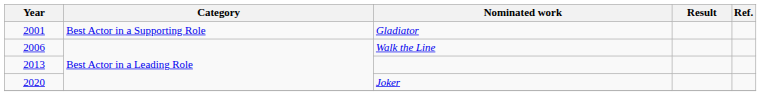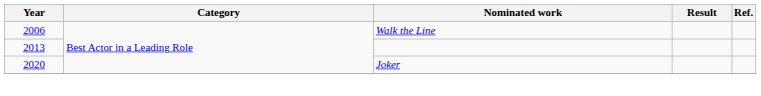 <table class=wikitable>
 <tr>
 <th scope="col" style="width:5em;">Year</th>
 <th scope="col" style="width:28em;">Category</th>
 <th scope="col" style="width:27em;">Nominated work</th>
 <th scope="col" style="width:5em;">Result</th>
 <th>Ref.</th>
-</tr>
-<tr>
-<td style="text-align:center;"><a href='#'>2001</a></td>
-<td><a href='#'>Best Actor in a Supporting Role</a></td>
-<td><em><a href='#'>Gladiator</a></em></td>
-<td></td>
-<td style="text-align:center;"></td>
 </tr>
 <tr>
 <td style="text-align:center;"><a href='#'>2006</a></td>
 <td rowspan="3"><a href='#'>Best Actor in a Leading Role</a></td>
 <td><em><a href='#'>Walk the Line</a></em></td>
 <td></td>
 <td style="text-align:center;"></td>
 </tr>
 <tr>
 <td style="text-align:center;"><a href='#'>2013</a></td>
 <td><em></em></td>
 <td></td>
 <td style="text-align:center;"></td>
 </tr>
 <tr>
 <td style="text-align:center;"><a href='#'>2020</a></td>
 <td><em><a href='#'>Joker</a></em></td>
 <td></td>
 <td style="text-align:center;"></td>
 </tr>
 <tr>
 </tr>
 </table>
